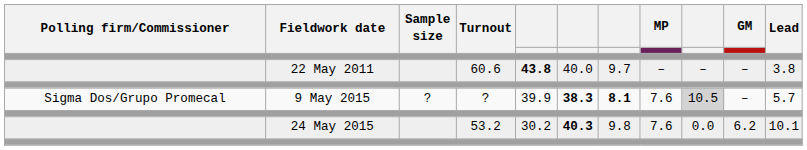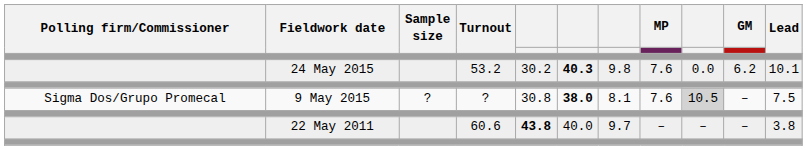 <table class="wikitable collapsible collapsed" style="text-align:center; font-size:95%; line-height:16px;">
 <tr style="height:42px;">
 <th style="width:250px;" rowspan="2">Polling firm/Commissioner</th>
 <th style="width:125px;" rowspan="2">Fieldwork date</th>
 <th style="width:50px;" rowspan="2">Sample size</th>
 <th style="width:45px;" rowspan="2">Turnout</th>
 <th style="width:35px;"></th>
 <th style="width:35px;"></th>
 <th style="width:35px;"></th>
 <th style="width:35px;">MP</th>
 <th style="width:35px;"></th>
 <th style="width:35px;">GM</th>
 <th style="width:30px;" rowspan="2">Lead</th>
 </tr>
 <tr>
 <th style="color:inherit;background:"></th>
 <th style="color:inherit;background:"></th>
 <th style="color:inherit;background:"></th>
 <th style="color:inherit;background:#68215B;"></th>
 <th style="color:inherit;background:"></th>
 <th style="color:inherit;background:#B91010;"></th>
 </tr>
 <tr>
 <td colspan="11" style="background:#A0A0A0"></td>
 </tr>
 <tr style="background:#EFEFEF;">
 <td><strong></strong></td>
+<td>24 May 2015</td>
+<td></td>
+<td>53.2</td>
+<td>30.2<br></td>
+<td><strong>40.3</strong><br></td>
+<td>9.8<br></td>
+<td>7.6<br></td>
+<td>0.0<br></td>
+<td>6.2<br></td>
+<td style="background:">10.1</td>
+</tr>
+<tr>
+<td colspan="11" style="background:#A0A0A0"></td>
+</tr>
+<tr>
+<td>Sigma Dos/Grupo Promecal</td>
+<td>9 May 2015</td>
+<td>?</td>
+<td>?</td>
+<td>30.8<br></td>
+<td><strong>38.0</strong><br></td>
+<td>8.1<br></td>
+<td>7.6<br></td>
+<td style="background: lightgrey;">10.5<br></td>
+<td>–</td>
+<td style="background:">7.5</td>
+</tr>
+<tr>
+<td colspan="11" style="background:#A0A0A0"></td>
+</tr>
+<tr style="background:#EFEFEF;">
+<td><strong></strong></td>
 <td>22 May 2011</td>
 <td></td>
 <td>60.6</td>
 <td><strong>43.8</strong><br></td>
 <td>40.0<br></td>
 <td>9.7<br></td>
 <td>–</td>
 <td>–</td>
 <td>–</td>
 <td style="background:">3.8</td>
 </tr>
 <tr>
 <td colspan="11" style="background:#A0A0A0"></td>
 </tr>
-<tr>
-<td>Sigma Dos/Grupo Promecal</td>
-<td>9 May 2015</td>
-<td>?</td>
-<td>?</td>
-<td>39.9<br></td>
-<td><strong>38.3</strong><br></td>
-<td><strong>8.1<br></strong></td>
-<td>7.6<br></td>
-<td style="background: lightgrey;">10.5<br></td>
-<td>–</td>
-<td style="background:">5.7</td>
-</tr>
-<tr>
-<td colspan="11" style="background:#A0A0A0"></td>
-</tr>
-<tr style="background:#EFEFEF;">
-<td><strong></strong></td>
-<td>24 May 2015</td>
-<td></td>
-<td>53.2</td>
-<td>30.2<br></td>
-<td><strong>40.3</strong><br></td>
-<td>9.8<br></td>
-<td>7.6<br></td>
-<td>0.0<br></td>
-<td>6.2<br></td>
-<td style="background:">10.1</td>
-</tr>
-<tr>
-<td colspan="11" style="background:#A0A0A0"></td>
-</tr>
 </table>
